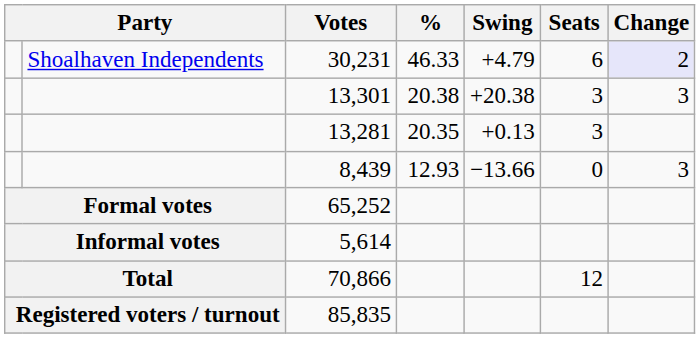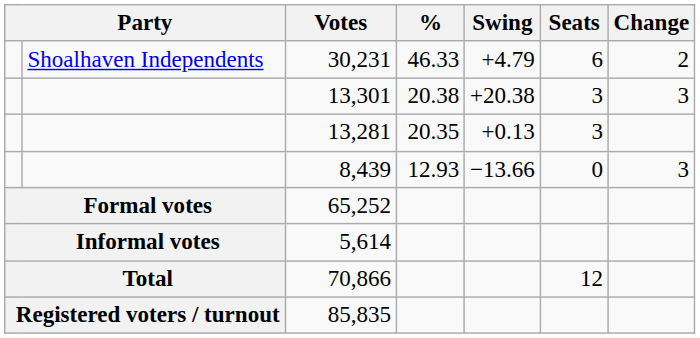 <table class="wikitable" style="text-align:right; margin-bottom:0">
 <tr>
 <th style="width:10px" colspan=3>Party</th>
 <th style="width:70px;">Votes</th>
 <th style="width:40px;">%</th>
 <th style="width:40px;">Swing</th>
 <th style="width:40px;">Seats</th>
 <th style="width:40px;">Change</th>
 </tr>
 <tr>
 <td> </td>
 <td style="text-align:left;" colspan="2"><a href='#'>Shoalhaven Independents</a></td>
 <td>30,231</td>
 <td>46.33</td>
 <td>+4.79</td>
 <td>6</td>
-<td style="background: lavender;"> 2</td>
+<td> 2</td>
 </tr>
 <tr>
 <td> </td>
 <td style="text-align:left;" colspan="2"></td>
 <td>13,301</td>
 <td>20.38</td>
 <td>+20.38</td>
 <td>3</td>
 <td> 3</td>
 </tr>
 <tr>
 <td> </td>
 <td style="text-align:left;" colspan="2"></td>
 <td>13,281</td>
 <td>20.35</td>
 <td>+0.13</td>
 <td>3</td>
 <td></td>
 </tr>
 <tr>
 <td> </td>
 <td style="text-align:left;" colspan="2"></td>
 <td>8,439</td>
 <td>12.93</td>
 <td>−13.66</td>
 <td>0</td>
 <td> 3</td>
 </tr>
 <tr>
 <th colspan="3" rowspan="1"> Formal votes</th>
 <td>65,252</td>
 <td></td>
 <td></td>
 <td></td>
 <td></td>
 </tr>
 <tr>
 <th colspan="3" rowspan="1"> Informal votes</th>
 <td>5,614</td>
 <td></td>
 <td></td>
 <td></td>
 <td></td>
 </tr>
 <tr>
 <th colspan="3" rowspan="1"> <strong>Total </strong></th>
 <td>70,866</td>
 <td></td>
 <td></td>
 <td>12</td>
 <td></td>
 </tr>
 <tr>
 <th colspan="3" rowspan="1"> Registered voters / turnout</th>
 <td>85,835</td>
 <td></td>
 <td></td>
 <td></td>
 <td></td>
 </tr>
 </table>
